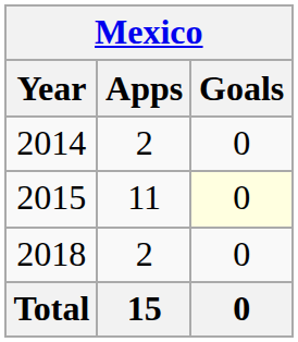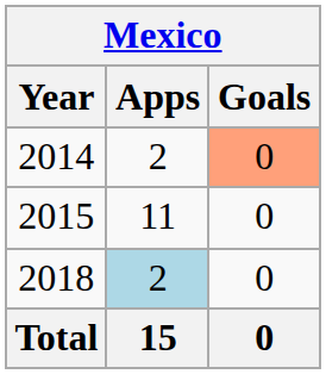 <table class="wikitable" style="text-align:center">
 <tr>
 <th colspan=4><a href='#'>Mexico</a></th>
 </tr>
 <tr>
 <th>Year</th>
 <th>Apps</th>
 <th>Goals</th>
 </tr>
 <tr>
 <td>2014</td>
 <td>2</td>
-<td>0</td>
+<td style="background: lightsalmon;">0</td>
 </tr>
 <tr>
 <td>2015</td>
 <td>11</td>
-<td style="background: lightyellow;">0</td>
+<td>0</td>
 </tr>
 <tr>
 <td>2018</td>
-<td>2</td>
+<td style="background: lightblue;">2</td>
 <td>0</td>
 </tr>
 <tr>
 <th>Total</th>
 <th>15</th>
 <th>0</th>
 </tr>
 </table>
